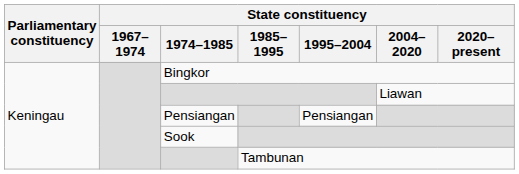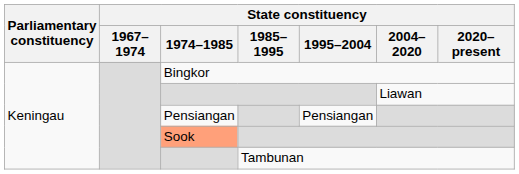 <table class=wikitable>
 <tr>
 <th rowspan=2>Parliamentary<br>constituency</th>
 <th colspan=6>State constituency</th>
 </tr>
 <tr>
 <th>1967–1974</th>
 <th>1974–1985</th>
 <th>1985–1995</th>
 <th>1995–2004</th>
 <th>2004–2020</th>
 <th>2020–present</th>
 </tr>
 <tr>
 <td rowspan=5>Keningau</td>
 <td rowspan=5 bgcolor=dcdcdc></td>
 <td colspan=5>Bingkor</td>
 </tr>
 <tr>
 <td colspan=3 bgcolor=dcdcdc></td>
 <td colspan=2>Liawan</td>
 </tr>
 <tr>
 <td>Pensiangan</td>
 <td bgcolor=dcdcdc></td>
 <td>Pensiangan</td>
 <td colspan=2 bgcolor=dcdcdc></td>
 </tr>
 <tr>
-<td>Sook</td>
+<td style="background: lightsalmon;">Sook</td>
 <td colspan=4 bgcolor=dcdcdc></td>
 </tr>
 <tr>
 <td bgcolor=dcdcdc></td>
 <td colspan=4>Tambunan</td>
 </tr>
 </table>
